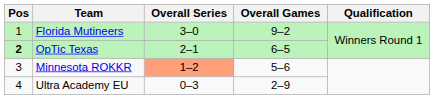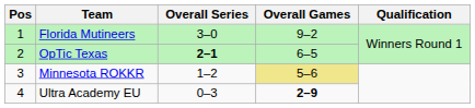 <table class="wikitable" width="600px" style="text-align:center">
 <tr>
 <th>Pos</th>
 <th>Team</th>
 <th>Overall Series</th>
 <th>Overall Games</th>
 <th>Qualification</th>
 </tr>
 <tr style="background:#BBF3BB">
 <td>1</td>
 <td style="text-align:left"><a href='#'>Florida Mutineers</a></td>
 <td>3–0</td>
 <td>9–2</td>
 <td rowspan="2">Winners Round 1</td>
 </tr>
 <tr style="background:#BBF3BB">
-<td><strong>2</strong></td>
+<td>2</td>
 <td style="text-align:left"><a href='#'>OpTic Texas</a></td>
-<td>2–1</td>
+<td><strong>2–1</strong></td>
 <td>6–5</td>
 </tr>
 <tr>
 <td>3</td>
 <td style="text-align:left;"><a href='#'>Minnesota ROKKR</a></td>
-<td style="background: lightsalmon;">1–2</td>
-<td>5–6</td>
+<td>1–2</td>
+<td style="background: khaki;">5–6</td>
 </tr>
 <tr>
 <td>4</td>
 <td style="text-align:left;">Ultra Academy EU</td>
 <td>0–3</td>
-<td>2–9</td>
+<td><strong>2–9</strong></td>
 </tr>
 </table>
